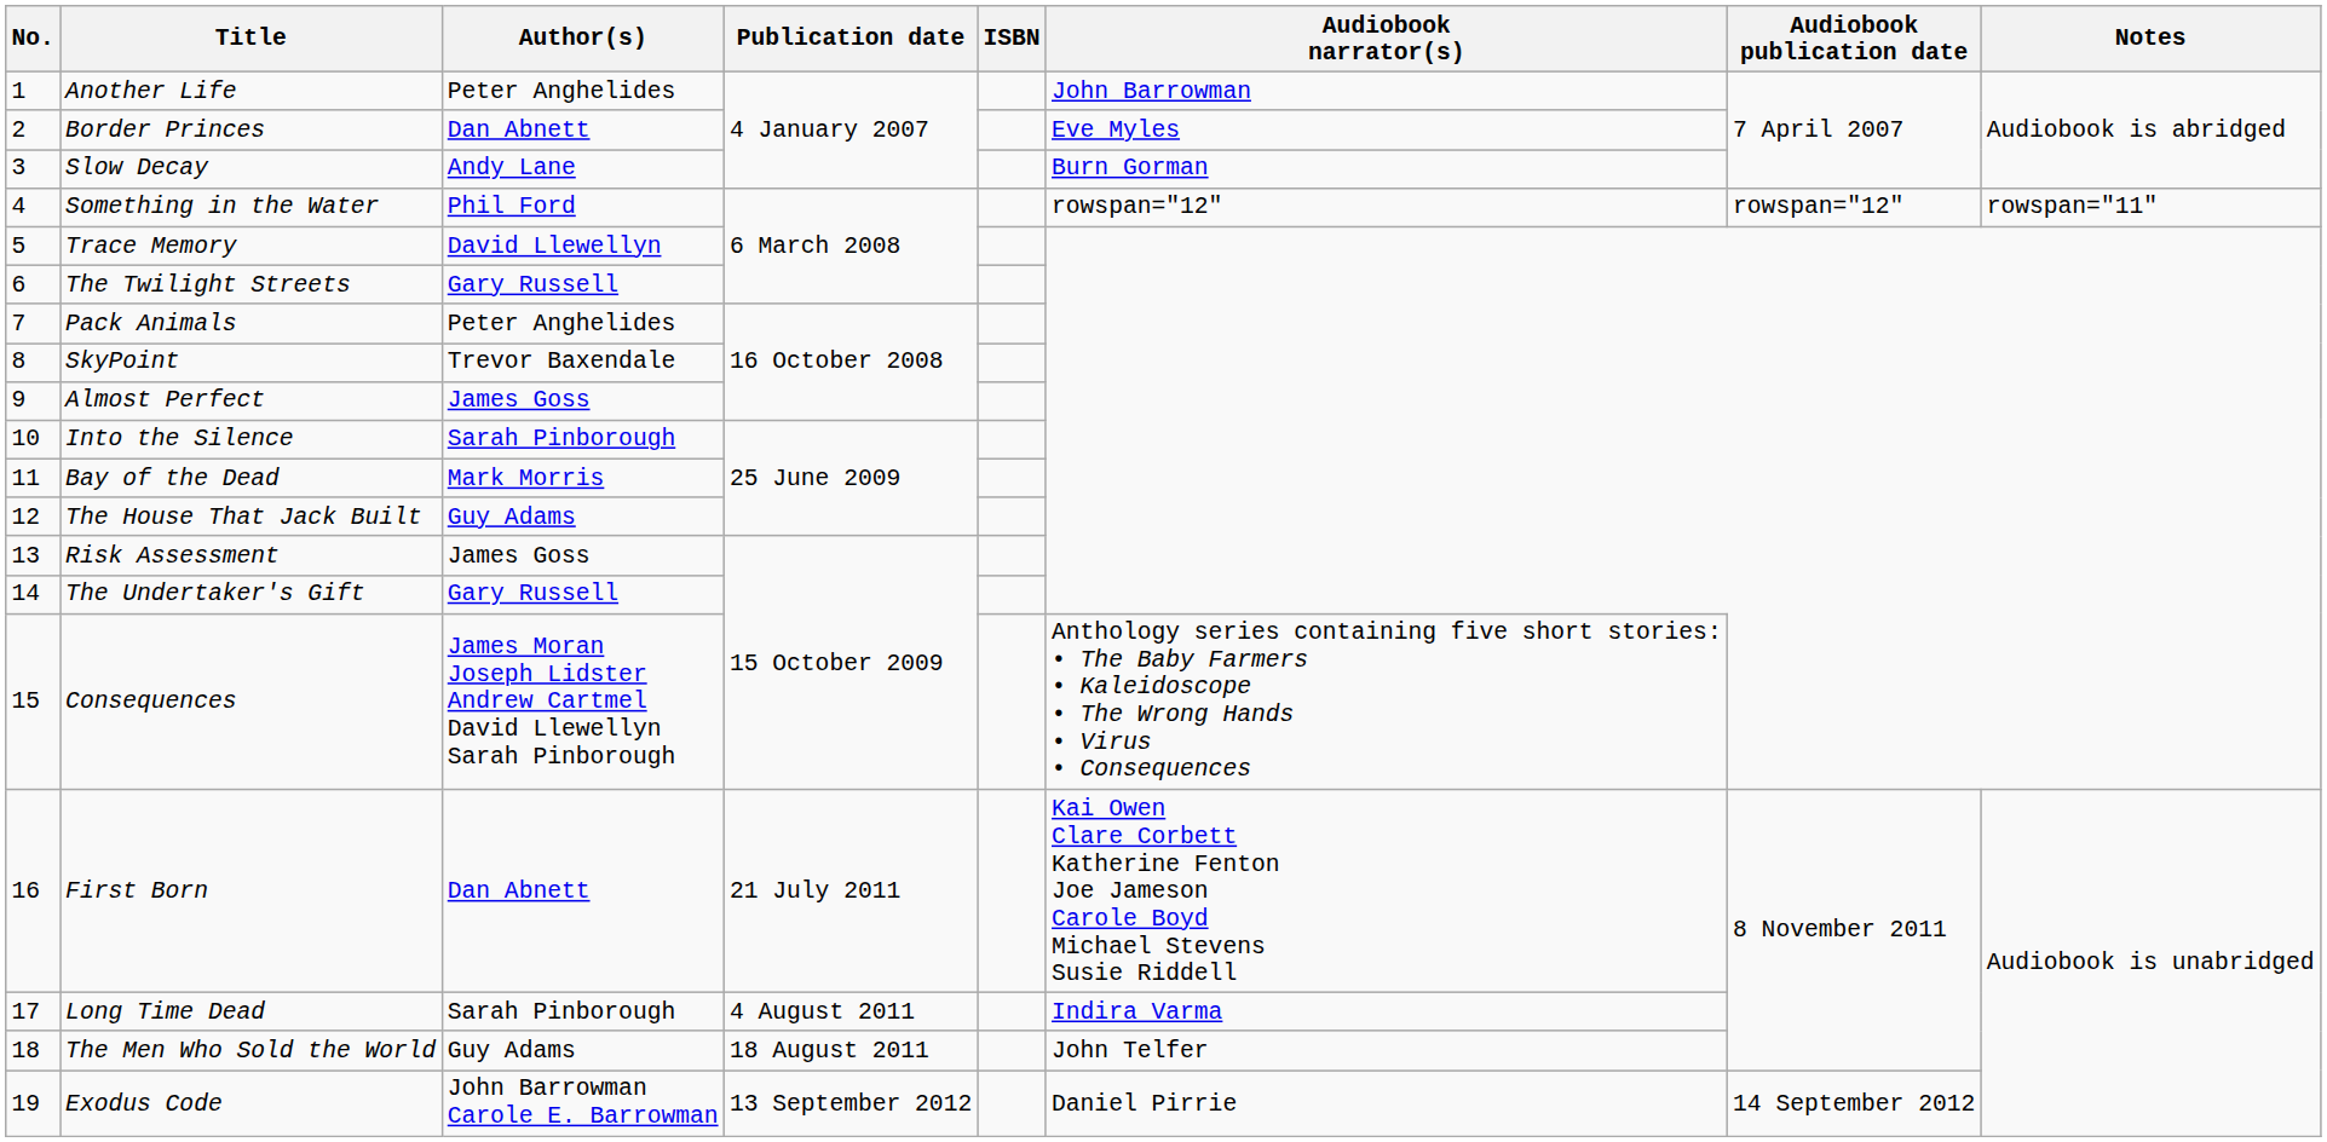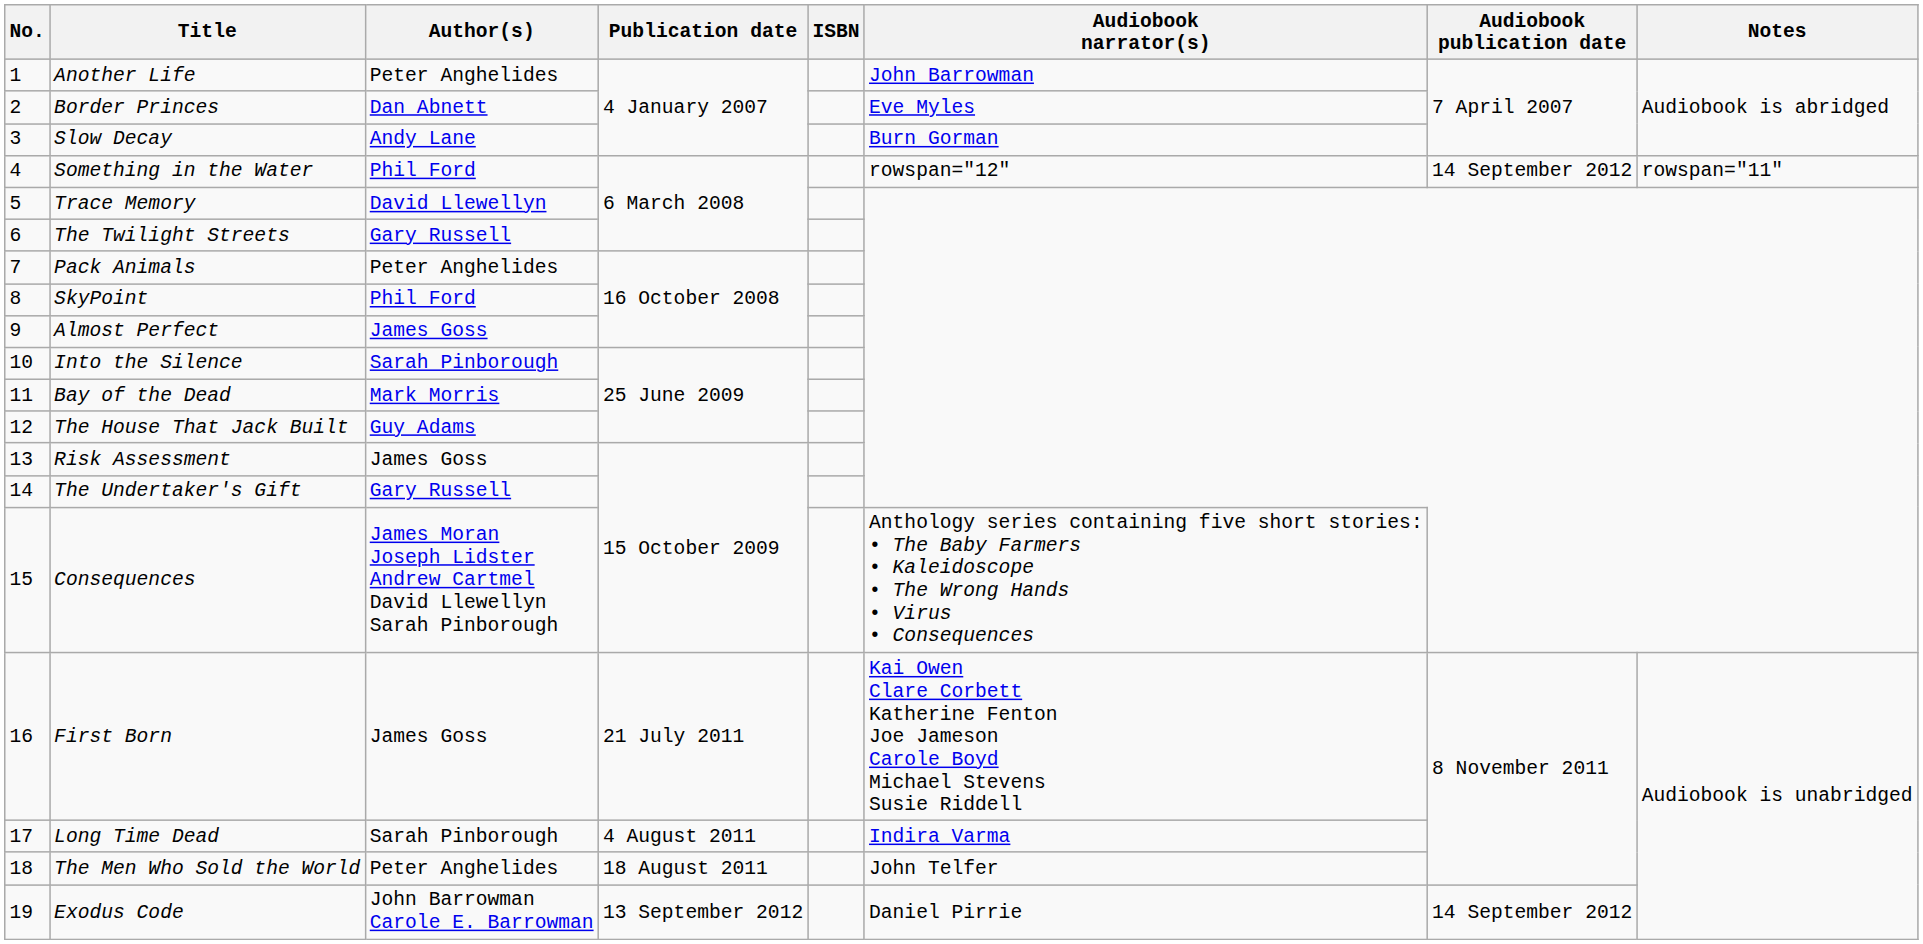 <table class="wikitable">
 <tr>
 <th>No.</th>
 <th>Title</th>
 <th>Author(s)</th>
 <th>Publication date</th>
 <th>ISBN</th>
 <th>Audiobook<br>narrator(s)</th>
 <th>Audiobook<br>publication date</th>
 <th>Notes</th>
 </tr>
 <tr>
 <td>1</td>
 <td><em>Another Life</em></td>
 <td>Peter Anghelides</td>
 <td rowspan="3">4 January 2007</td>
 <td></td>
 <td><a href='#'>John Barrowman</a></td>
 <td rowspan="3">7 April 2007</td>
 <td rowspan="3">Audiobook is abridged</td>
 </tr>
 <tr>
 <td>2</td>
 <td><em>Border Princes</em></td>
 <td><a href='#'>Dan Abnett</a></td>
 <td></td>
 <td><a href='#'>Eve Myles</a></td>
 </tr>
 <tr>
 <td>3</td>
 <td><em>Slow Decay</em></td>
 <td><a href='#'>Andy Lane</a></td>
 <td></td>
 <td><a href='#'>Burn Gorman</a></td>
 </tr>
 <tr>
 <td>4</td>
 <td><em>Something in the Water</em></td>
 <td><a href='#'>Phil Ford</a></td>
 <td rowspan="3">6 March 2008</td>
 <td></td>
 <td>rowspan="12" </td>
-<td>rowspan="12" </td>
+<td>14 September 2012</td>
 <td>rowspan="11" </td>
 </tr>
 <tr>
 <td>5</td>
 <td><em>Trace Memory</em></td>
 <td><a href='#'>David Llewellyn</a></td>
 <td></td>
 </tr>
 <tr>
 <td>6</td>
 <td><em>The Twilight Streets</em></td>
 <td><a href='#'>Gary Russell</a></td>
 <td></td>
 </tr>
 <tr>
 <td>7</td>
 <td><em>Pack Animals</em></td>
 <td>Peter Anghelides</td>
 <td rowspan="3">16 October 2008</td>
 <td></td>
 </tr>
 <tr>
 <td>8</td>
 <td><em>SkyPoint</em></td>
-<td>Trevor Baxendale</td>
+<td><a href='#'>Phil Ford</a></td>
 <td></td>
 </tr>
 <tr>
 <td>9</td>
 <td><em>Almost Perfect</em></td>
 <td><a href='#'>James Goss</a></td>
 <td></td>
 </tr>
 <tr>
 <td>10</td>
 <td><em>Into the Silence</em></td>
 <td><a href='#'>Sarah Pinborough</a></td>
 <td rowspan="3">25 June 2009</td>
 <td></td>
 </tr>
 <tr>
 <td>11</td>
 <td><em>Bay of the Dead</em></td>
 <td><a href='#'>Mark Morris</a></td>
 <td></td>
 </tr>
 <tr>
 <td>12</td>
 <td><em>The House That Jack Built</em></td>
 <td><a href='#'>Guy Adams</a></td>
 <td></td>
 </tr>
 <tr>
 <td>13</td>
 <td><em>Risk Assessment</em></td>
 <td>James Goss</td>
 <td rowspan="3">15 October 2009</td>
 <td></td>
 </tr>
 <tr>
 <td>14</td>
 <td><em>The Undertaker's Gift</em></td>
 <td><a href='#'>Gary Russell</a></td>
 <td></td>
 </tr>
 <tr>
 <td>15</td>
 <td><em>Consequences</em></td>
 <td><a href='#'>James Moran</a><br><a href='#'>Joseph Lidster</a><br><a href='#'>Andrew Cartmel</a><br>David Llewellyn<br>Sarah Pinborough</td>
 <td></td>
 <td>Anthology series containing five short stories:<br>• <em>The Baby Farmers</em><br> • <em>Kaleidoscope</em><br> • <em>The Wrong Hands</em><br> • <em>Virus</em><br> • <em>Consequences</em></td>
 </tr>
 <tr>
 <td>16</td>
 <td><em>First Born</em></td>
-<td><a href='#'>Dan Abnett</a></td>
+<td>James Goss</td>
 <td>21 July 2011</td>
 <td></td>
 <td><a href='#'>Kai Owen</a><br><a href='#'>Clare Corbett</a><br>Katherine Fenton<br>Joe Jameson<br><a href='#'>Carole Boyd</a><br>Michael Stevens<br>Susie Riddell</td>
 <td rowspan="3">8 November 2011</td>
 <td rowspan="4">Audiobook is unabridged</td>
 </tr>
 <tr>
 <td>17</td>
 <td><em>Long Time Dead</em></td>
 <td>Sarah Pinborough</td>
 <td>4 August 2011</td>
 <td></td>
 <td><a href='#'>Indira Varma</a></td>
 </tr>
 <tr>
 <td>18</td>
 <td><em>The Men Who Sold the World</em></td>
-<td>Guy Adams</td>
+<td>Peter Anghelides</td>
 <td>18 August 2011</td>
 <td></td>
 <td>John Telfer</td>
 </tr>
 <tr>
 <td>19</td>
 <td><em>Exodus Code</em></td>
 <td>John Barrowman<br><a href='#'>Carole E. Barrowman</a></td>
 <td>13 September 2012</td>
 <td></td>
 <td>Daniel Pirrie</td>
 <td>14 September 2012</td>
 </tr>
 </table>
